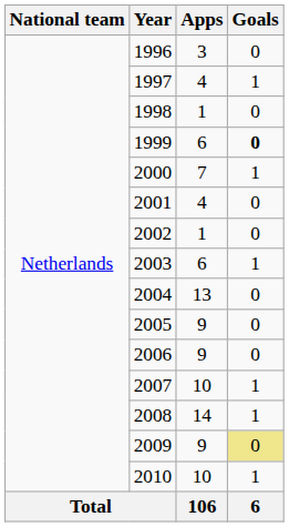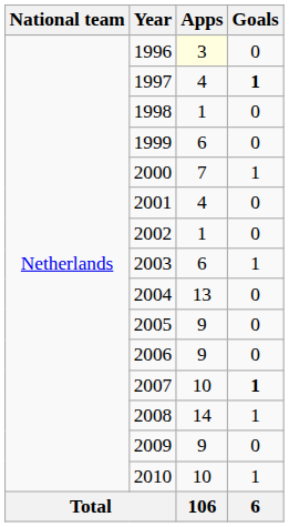 <table class="wikitable" style="text-align:center">
 <tr>
 <th>National team</th>
 <th>Year</th>
 <th>Apps</th>
 <th>Goals</th>
 </tr>
 <tr>
 <td rowspan="15"><a href='#'>Netherlands</a></td>
 <td>1996</td>
-<td>3</td>
+<td style="background: lightyellow;">3</td>
 <td>0</td>
 </tr>
 <tr>
 <td>1997</td>
 <td>4</td>
-<td>1</td>
+<td><strong>1</strong></td>
 </tr>
 <tr>
 <td>1998</td>
 <td>1</td>
 <td>0</td>
 </tr>
 <tr>
 <td>1999</td>
 <td>6</td>
-<td><strong>0</strong></td>
+<td>0</td>
 </tr>
 <tr>
 <td>2000</td>
 <td>7</td>
 <td>1</td>
 </tr>
 <tr>
 <td>2001</td>
 <td>4</td>
 <td>0</td>
 </tr>
 <tr>
 <td>2002</td>
 <td>1</td>
 <td>0</td>
 </tr>
 <tr>
 <td>2003</td>
 <td>6</td>
 <td>1</td>
 </tr>
 <tr>
 <td>2004</td>
 <td>13</td>
 <td>0</td>
 </tr>
 <tr>
 <td>2005</td>
 <td>9</td>
 <td>0</td>
 </tr>
 <tr>
 <td>2006</td>
 <td>9</td>
 <td>0</td>
 </tr>
 <tr>
 <td>2007</td>
 <td>10</td>
-<td>1</td>
+<td><strong>1</strong></td>
 </tr>
 <tr>
 <td>2008</td>
 <td>14</td>
 <td>1</td>
 </tr>
 <tr>
 <td>2009</td>
 <td>9</td>
-<td style="background: khaki;">0</td>
+<td>0</td>
 </tr>
 <tr>
 <td>2010</td>
 <td>10</td>
 <td>1</td>
 </tr>
 <tr>
 <th colspan="2">Total</th>
 <th>106</th>
 <th>6</th>
 </tr>
 </table>
